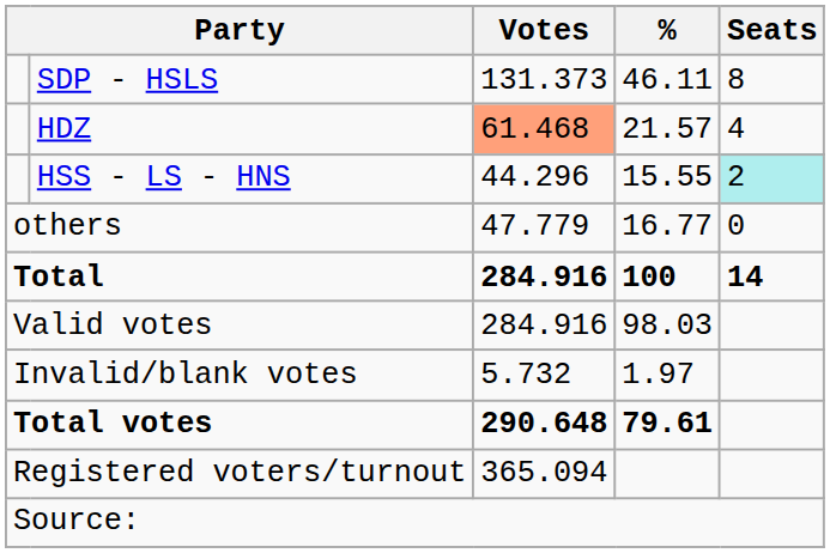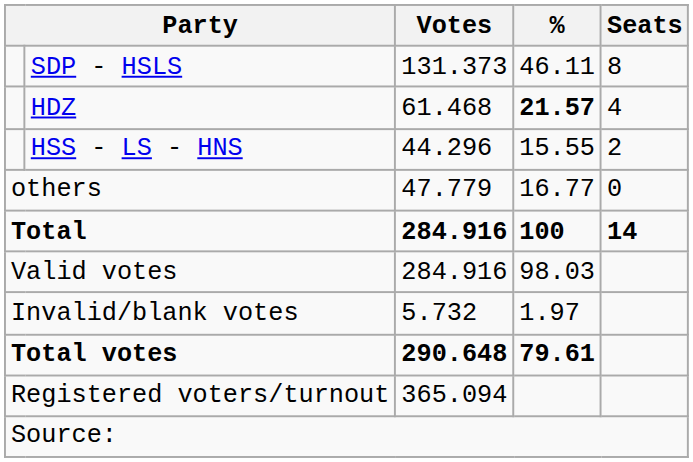 <table class="wikitable" style="text-align: left;">
 <tr>
 <th colspan="2">Party</th>
 <th>Votes</th>
 <th>%</th>
 <th>Seats</th>
 </tr>
 <tr>
 <td style="background-color: "></td>
 <td><a href='#'>SDP</a> - <a href='#'>HSLS</a></td>
 <td>131.373</td>
 <td>46.11</td>
 <td>8</td>
 </tr>
 <tr>
 <td style="background-color: "></td>
 <td><a href='#'>HDZ</a></td>
-<td style="background: lightsalmon;">61.468</td>
-<td>21.57</td>
+<td>61.468</td>
+<td><strong>21.57</strong></td>
 <td>4</td>
 </tr>
 <tr>
 <td style="background-color: "></td>
 <td><a href='#'>HSS</a> - <a href='#'>LS</a> - <a href='#'>HNS</a></td>
 <td>44.296</td>
 <td>15.55</td>
-<td style="background: paleturquoise;">2</td>
+<td>2</td>
 </tr>
 <tr>
 <td colspan="2">others</td>
 <td>47.779</td>
 <td>16.77</td>
 <td>0</td>
 </tr>
 <tr>
 <td colspan="2"><strong>Total</strong></td>
 <td><strong>284.916</strong></td>
 <td><strong>100</strong></td>
 <td><strong>14</strong></td>
 </tr>
 <tr>
 <td colspan="2">Valid votes</td>
 <td>284.916</td>
 <td>98.03</td>
 <td></td>
 </tr>
 <tr>
 <td colspan="2">Invalid/blank votes</td>
 <td>5.732</td>
 <td>1.97</td>
 <td></td>
 </tr>
 <tr>
 <td colspan="2"><strong>Total votes</strong></td>
 <td><strong>290.648</strong></td>
 <td><strong>79.61</strong></td>
 <td></td>
 </tr>
 <tr>
 <td colspan="2">Registered voters/turnout</td>
 <td votes14="5343">365.094</td>
 <td></td>
 <td></td>
 </tr>
 <tr>
 <td colspan="5">Source: </td>
 </tr>
 </table>
